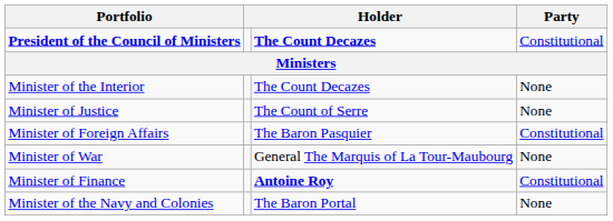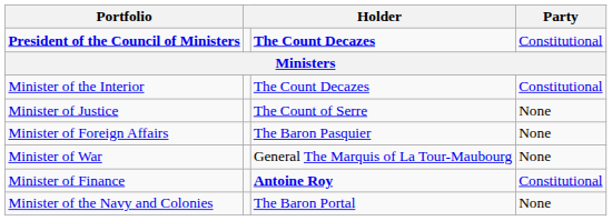 <table class="wikitable">
 <tr>
 <th>Portfolio</th>
 <th colspan=2>Holder</th>
 <th>Party</th>
 </tr>
 <tr>
 <td><strong><a href='#'>President of the Council of Ministers</a></strong></td>
 <td style="background:"></td>
 <td><strong><a href='#'>The Count Decazes</a></strong></td>
 <td><a href='#'>Constitutional</a></td>
 </tr>
 <tr>
 <th colspan=4 align=center><a href='#'>Ministers</a></th>
 </tr>
 <tr>
 <td><a href='#'>Minister of the Interior</a></td>
 <td style="background:"></td>
 <td><a href='#'>The Count Decazes</a></td>
-<td>None</td>
+<td><a href='#'>Constitutional</a></td>
 </tr>
 <tr>
 <td><a href='#'>Minister of Justice</a></td>
 <td style="background:"></td>
 <td><a href='#'>The Count of Serre</a></td>
 <td>None</td>
 </tr>
 <tr>
 <td><a href='#'>Minister of Foreign Affairs</a></td>
 <td style="background:"></td>
 <td><a href='#'>The Baron Pasquier</a></td>
-<td><a href='#'>Constitutional</a></td>
+<td>None</td>
 </tr>
 <tr>
 <td><a href='#'>Minister of War</a></td>
 <td style="background:"></td>
 <td>General <a href='#'>The Marquis of La Tour-Maubourg</a></td>
 <td>None</td>
 </tr>
 <tr>
 <td><a href='#'>Minister of Finance</a></td>
 <td style="background:"></td>
 <td><strong><a href='#'>Antoine Roy</a></strong></td>
 <td><a href='#'>Constitutional</a></td>
 </tr>
 <tr>
 <td><a href='#'>Minister of the Navy and Colonies</a></td>
 <td style="background:"></td>
 <td><a href='#'>The Baron Portal</a></td>
 <td>None</td>
 </tr>
 </table>
